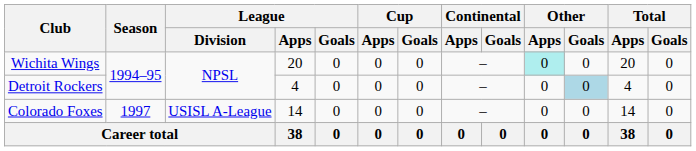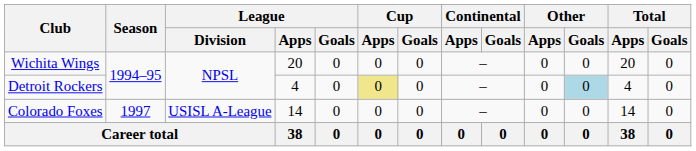 <table class="wikitable" style="text-align: center">
 <tr>
 <th rowspan="2">Club</th>
 <th rowspan="2">Season</th>
 <th colspan="3">League</th>
 <th colspan="2">Cup</th>
 <th colspan="2">Continental</th>
 <th colspan="2">Other</th>
 <th colspan="2">Total</th>
 </tr>
 <tr>
 <th>Division</th>
 <th>Apps</th>
 <th>Goals</th>
 <th>Apps</th>
 <th>Goals</th>
 <th>Apps</th>
 <th>Goals</th>
 <th>Apps</th>
 <th>Goals</th>
 <th>Apps</th>
 <th>Goals</th>
 </tr>
 <tr>
 <td><a href='#'>Wichita Wings</a></td>
 <td rowspan="2"><a href='#'>1994–95</a></td>
 <td rowspan="2"><a href='#'>NPSL</a></td>
 <td>20</td>
 <td>0</td>
 <td>0</td>
 <td>0</td>
 <td colspan="2">–</td>
-<td style="background: paleturquoise;">0</td>
+<td>0</td>
 <td>0</td>
 <td>20</td>
 <td>0</td>
 </tr>
 <tr>
 <td><a href='#'>Detroit Rockers</a></td>
 <td>4</td>
 <td>0</td>
-<td>0</td>
+<td style="background: khaki;">0</td>
 <td>0</td>
 <td colspan="2">–</td>
 <td>0</td>
 <td style="background: lightblue;">0</td>
 <td>4</td>
 <td>0</td>
 </tr>
 <tr>
 <td><a href='#'>Colorado Foxes</a></td>
 <td><a href='#'>1997</a></td>
 <td><a href='#'>USISL A-League</a></td>
 <td>14</td>
 <td>0</td>
 <td>0</td>
 <td>0</td>
 <td colspan="2">–</td>
 <td>0</td>
 <td>0</td>
 <td>14</td>
 <td>0</td>
 </tr>
 <tr>
 <th colspan="3"><strong>Career total</strong></th>
 <th>38</th>
 <th>0</th>
 <th>0</th>
 <th>0</th>
 <th>0</th>
 <th>0</th>
 <th>0</th>
 <th>0</th>
 <th>38</th>
 <th>0</th>
 </tr>
 </table>
